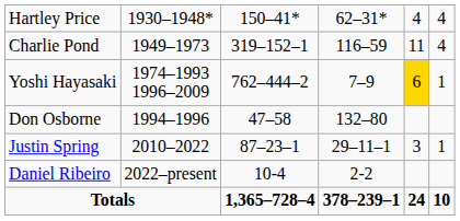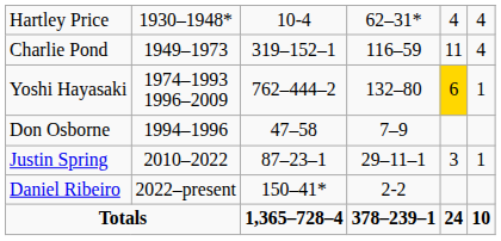 <table class="wikitable" style="text-align:center">
 <tr>
 </tr>
 <tr>
 <td style="text-align:left">Hartley Price</td>
 <td>1930–1948*</td>
-<td>150–41*</td>
+<td>10-4</td>
 <td>62–31*</td>
 <td>4</td>
 <td>4</td>
 </tr>
 <tr>
 <td style="text-align:left">Charlie Pond</td>
 <td>1949–1973</td>
 <td>319–152–1</td>
 <td>116–59</td>
 <td>11</td>
 <td>4</td>
 </tr>
 <tr>
 <td style="text-align:left">Yoshi Hayasaki</td>
 <td>1974–1993<br>1996–2009</td>
 <td>762–444–2</td>
-<td>7–9</td>
+<td>132–80</td>
 <td style="background: gold;">6</td>
 <td>1</td>
 </tr>
 <tr>
 <td style="text-align:left">Don Osborne</td>
 <td>1994–1996</td>
 <td>47–58</td>
-<td>132–80</td>
+<td>7–9</td>
 <td></td>
 <td></td>
 </tr>
 <tr>
 <td style="text-align:left"><a href='#'>Justin Spring</a></td>
 <td>2010–2022</td>
 <td>87–23–1</td>
 <td>29–11–1</td>
 <td>3</td>
 <td>1</td>
 </tr>
 <tr>
 <td style="text-align:left"><a href='#'>Daniel Ribeiro</a></td>
 <td>2022–present</td>
-<td>10-4</td>
+<td>150–41*</td>
 <td>2-2</td>
 <td></td>
 <td></td>
 </tr>
 <tr style="text-align:center; ">
 <td colspan="2"><strong>Totals</strong></td>
 <td><strong>1,365–728–4</strong></td>
 <td><strong>378–239–1</strong></td>
 <td><strong>24</strong></td>
 <td><strong>10</strong></td>
 </tr>
 </table>
